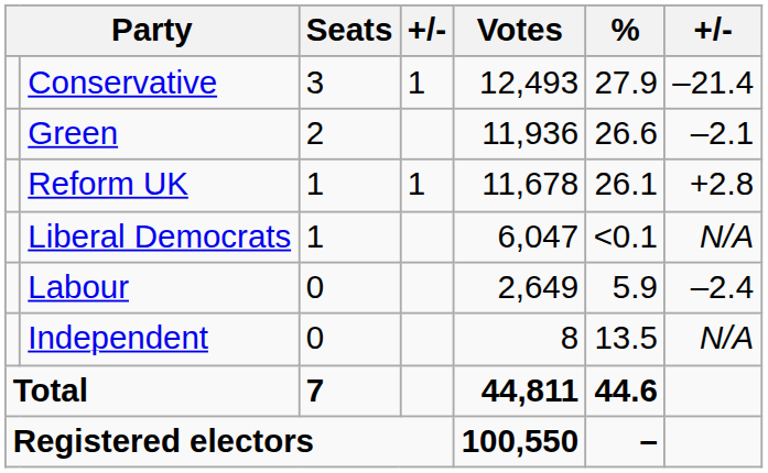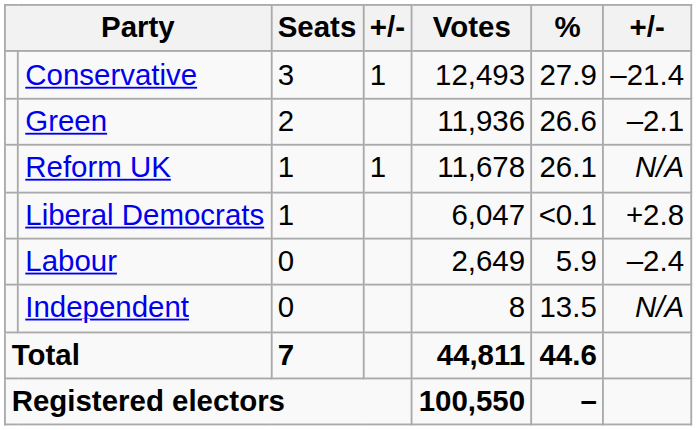 <table class="wikitable sortable">
 <tr>
 <th colspan="2">Party</th>
 <th>Seats</th>
 <th>+/-</th>
 <th>Votes</th>
 <th>%</th>
 <th>+/-</th>
 </tr>
 <tr>
 <td style="background-color: "></td>
 <td><a href='#'>Conservative</a></td>
 <td>3</td>
 <td> 1</td>
 <td style="text-align:right;">12,493</td>
 <td style="text-align:right;">27.9</td>
 <td style="text-align:right;">–21.4</td>
 </tr>
 <tr>
 <td style="background-color: "></td>
 <td><a href='#'>Green</a></td>
 <td>2</td>
 <td></td>
 <td style="text-align:right;">11,936</td>
 <td style="text-align:right;">26.6</td>
 <td style="text-align:right;">–2.1</td>
 </tr>
 <tr>
 <td style="background-color: "></td>
 <td><a href='#'>Reform UK</a></td>
 <td>1</td>
 <td> 1</td>
 <td style="text-align:right;">11,678</td>
 <td style="text-align:right;">26.1</td>
-<td style="text-align:right;">+2.8</td>
+<td style="text-align:right;"><em>N/A</em></td>
 </tr>
 <tr>
 <td style="background-color: "></td>
 <td><a href='#'>Liberal Democrats</a></td>
 <td>1</td>
 <td></td>
 <td style="text-align:right;">6,047</td>
 <td style="text-align:right;"><0.1</td>
-<td style="text-align:right;"><em>N/A</em></td>
+<td style="text-align:right;">+2.8</td>
 </tr>
 <tr>
 <td style="background-color: "></td>
 <td><a href='#'>Labour</a></td>
 <td>0</td>
 <td></td>
 <td style="text-align:right;">2,649</td>
 <td style="text-align:right;">5.9</td>
 <td style="text-align:right;">–2.4</td>
 </tr>
 <tr>
 <td style="background-color: "></td>
 <td><a href='#'>Independent</a></td>
 <td>0</td>
 <td></td>
 <td style="text-align:right;">8</td>
 <td style="text-align:right;">13.5</td>
 <td style="text-align:right;"><em>N/A</em></td>
 </tr>
 <tr>
 <td colspan="2"><strong>Total</strong></td>
 <td><strong>7</strong></td>
 <td></td>
 <td style="text-align:right;"><strong>44,811</strong></td>
 <td style="text-align:right;"><strong>44.6</strong></td>
 <td style="text-align:right;"></td>
 </tr>
 <tr>
 <td colspan="4"><strong>Registered electors</strong></td>
 <td style="text-align:right;"><strong>100,550</strong></td>
 <td style="text-align:right;"><strong>–</strong></td>
 <td style="text-align:right;"></td>
 </tr>
 </table>
